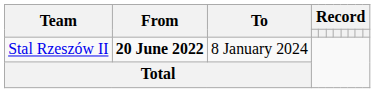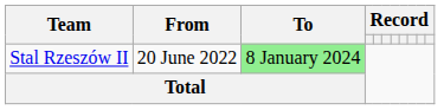 <table class="wikitable" style="text-align: center;">
 <tr>
 <th rowspan="2">Team</th>
 <th rowspan="2">From</th>
 <th rowspan="2">To</th>
 <th colspan="8">Record</th>
 </tr>
 <tr>
 <th></th>
 <th></th>
 <th></th>
 <th></th>
 <th></th>
 <th></th>
 <th></th>
 <th></th>
 </tr>
 <tr>
 <td align=left><a href='#'>Stal Rzeszów II</a></td>
-<td align=left><strong>20 June 2022</strong></td>
-<td align=left>8 January 2024<br></td>
+<td align=left>20 June 2022</td>
+<td align=left style="background: lightgreen;">8 January 2024<br></td>
 </tr>
 <tr>
 <th colspan="3">Total<br></th>
 </tr>
 </table>
